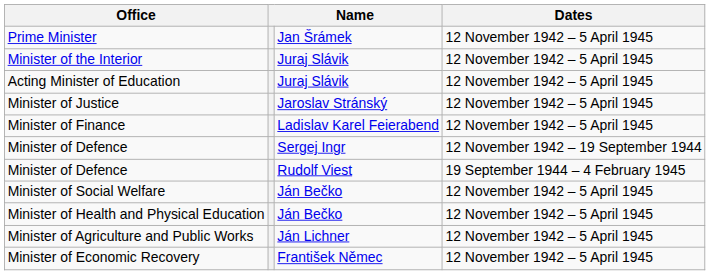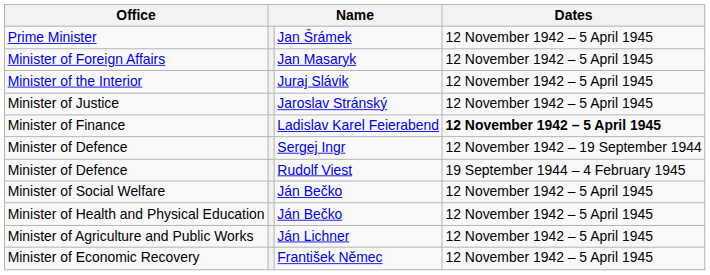 <table class="wikitable">
 <tr>
 <th>Office</th>
 <th colspan="2">Name</th>
 <th>Dates</th>
 </tr>
 <tr>
 <td><a href='#'>Prime Minister</a></td>
 <th style="background-color: "></th>
 <td><a href='#'>Jan Šrámek</a></td>
 <td>12 November 1942 – 5 April 1945</td>
 </tr>
 <tr>
-<td><a href='#'>Minister of the Interior</a></td>
+<td><a href='#'>Minister of Foreign Affairs</a></td>
 <th style="background-color: "></th>
-<td><a href='#'>Juraj Slávik</a></td>
+<td><a href='#'>Jan Masaryk</a></td>
 <td>12 November 1942 – 5 April 1945</td>
 </tr>
 <tr>
-<td>Acting Minister of Education</td>
+<td><a href='#'>Minister of the Interior</a></td>
 <th style="background-color: "></th>
 <td><a href='#'>Juraj Slávik</a></td>
 <td>12 November 1942 – 5 April 1945</td>
 </tr>
 <tr>
 <td>Minister of Justice</td>
 <th style="background-color: "></th>
 <td><a href='#'>Jaroslav Stránský</a></td>
 <td>12 November 1942 – 5 April 1945</td>
 </tr>
 <tr>
 <td>Minister of Finance</td>
 <th style="background-color: "></th>
 <td><a href='#'>Ladislav Karel Feierabend</a></td>
-<td>12 November 1942 – 5 April 1945</td>
+<td><strong>12 November 1942 – 5 April 1945</strong></td>
 </tr>
 <tr>
 <td>Minister of Defence</td>
 <th style="background-color: "></th>
 <td><a href='#'>Sergej Ingr</a></td>
 <td>12 November 1942 – 19 September 1944</td>
 </tr>
 <tr>
 <td>Minister of Defence</td>
 <th style="background-color: "></th>
 <td><a href='#'>Rudolf Viest</a></td>
 <td>19 September 1944 – 4 February 1945</td>
 </tr>
 <tr>
 <td>Minister of Social Welfare</td>
 <th style="background-color: "></th>
 <td><a href='#'>Ján Bečko</a></td>
 <td>12 November 1942 – 5 April 1945</td>
 </tr>
 <tr>
 <td>Minister of Health and Physical Education</td>
 <th style="background-color: "></th>
 <td><a href='#'>Ján Bečko</a></td>
 <td>12 November 1942 – 5 April 1945</td>
 </tr>
 <tr>
 <td>Minister of Agriculture and Public Works</td>
 <th style="background-color: "></th>
 <td><a href='#'>Ján Lichner</a></td>
 <td>12 November 1942 – 5 April 1945</td>
 </tr>
 <tr>
 <td>Minister of Economic Recovery</td>
 <th style="background-color: "></th>
 <td><a href='#'>František Němec</a></td>
 <td>12 November 1942 – 5 April 1945</td>
 </tr>
 </table>
